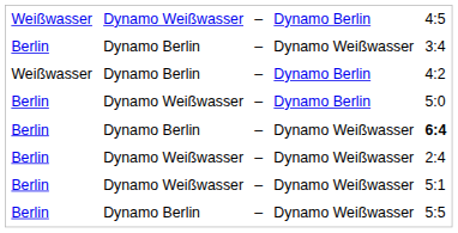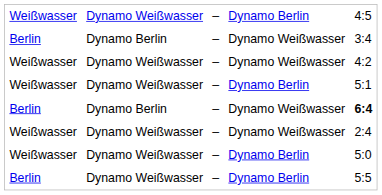 <table cellspacing="0" border="0" cellpadding="6" style="border:1px solid #bbb; background-color:#FFFFFF;">
 <tr>
 <td><a href='#'>Weißwasser</a></td>
 <td><a href='#'>Dynamo Weißwasser</a></td>
 <td>–</td>
 <td><a href='#'>Dynamo Berlin</a></td>
 <td>4:5</td>
 </tr>
 <tr>
 <td><a href='#'>Berlin</a></td>
 <td>Dynamo Berlin</td>
 <td>–</td>
 <td>Dynamo Weißwasser</td>
 <td>3:4</td>
 </tr>
 <tr>
 <td>Weißwasser</td>
-<td>Dynamo Berlin</td>
+<td>Dynamo Weißwasser</td>
 <td>–</td>
-<td><a href='#'>Dynamo Berlin</a></td>
+<td>Dynamo Weißwasser</td>
 <td>4:2</td>
 </tr>
 <tr>
-<td><a href='#'>Berlin</a></td>
+<td>Weißwasser</td>
 <td>Dynamo Weißwasser</td>
 <td>–</td>
 <td><a href='#'>Dynamo Berlin</a></td>
-<td>5:0</td>
+<td>5:1</td>
 </tr>
 <tr>
 <td><a href='#'>Berlin</a></td>
 <td>Dynamo Berlin</td>
 <td>–</td>
 <td>Dynamo Weißwasser</td>
 <td><strong>6:4</strong></td>
 </tr>
 <tr>
-<td><a href='#'>Berlin</a></td>
+<td>Weißwasser</td>
 <td>Dynamo Weißwasser</td>
 <td>–</td>
 <td>Dynamo Weißwasser</td>
 <td>2:4</td>
 </tr>
 <tr>
+<td>Weißwasser</td>
+<td>Dynamo Weißwasser</td>
+<td>–</td>
+<td><a href='#'>Dynamo Berlin</a></td>
+<td>5:0</td>
+</tr>
+<tr>
 <td><a href='#'>Berlin</a></td>
 <td>Dynamo Weißwasser</td>
 <td>–</td>
-<td>Dynamo Weißwasser</td>
-<td>5:1</td>
-</tr>
-<tr>
-<td><a href='#'>Berlin</a></td>
-<td>Dynamo Berlin</td>
-<td>–</td>
-<td>Dynamo Weißwasser</td>
+<td><a href='#'>Dynamo Berlin</a></td>
 <td>5:5</td>
 </tr>
 </table>
